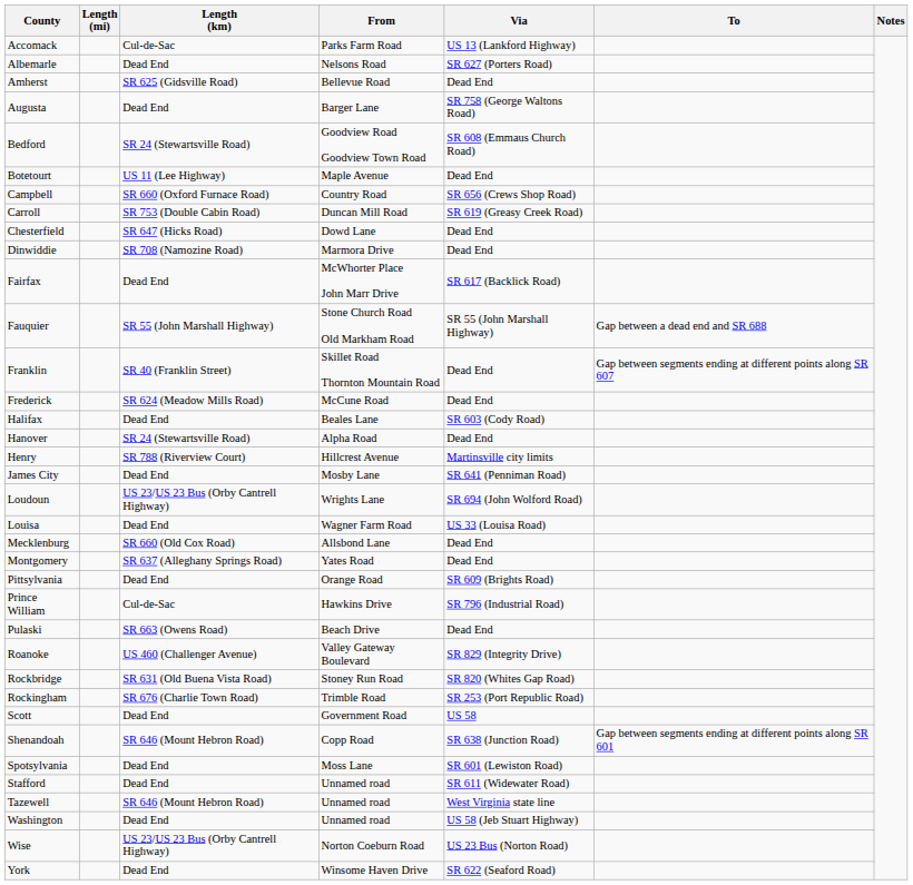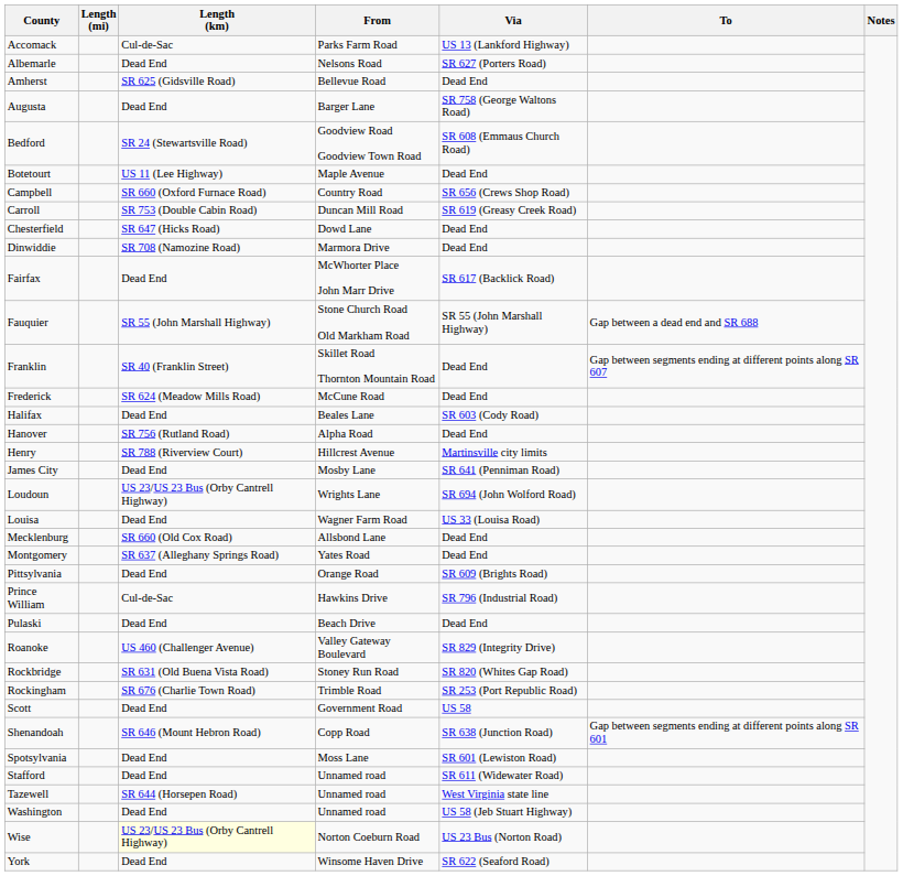 <table class="wikitable sortable">
 <tr>
 <th>County</th>
 <th>Length<br>(mi)</th>
 <th>Length<br>(km)</th>
 <th class="unsortable">From</th>
 <th class="unsortable">Via</th>
 <th class="unsortable">To</th>
 <th class="unsortable">Notes</th>
 </tr>
 <tr>
 <td id="Accomack">Accomack</td>
 <td></td>
 <td>Cul-de-Sac</td>
 <td>Parks Farm Road</td>
 <td><a href='#'>US 13</a> (Lankford Highway)</td>
 <td></td>
 </tr>
 <tr>
 <td id="Albemarle">Albemarle</td>
 <td></td>
 <td>Dead End</td>
 <td>Nelsons Road</td>
 <td><a href='#'>SR 627</a> (Porters Road)</td>
 <td><br> </td>
 </tr>
 <tr>
 <td id="Amherst">Amherst</td>
 <td></td>
 <td><a href='#'>SR 625</a> (Gidsville Road)</td>
 <td>Bellevue Road</td>
 <td>Dead End</td>
 <td><br> </td>
 </tr>
 <tr>
 <td id="Augusta">Augusta</td>
 <td></td>
 <td>Dead End</td>
 <td>Barger Lane</td>
 <td><a href='#'>SR 758</a> (George Waltons Road)</td>
 <td><br></td>
 </tr>
 <tr>
 <td id="Bedford">Bedford</td>
 <td></td>
 <td><a href='#'>SR 24</a> (Stewartsville Road)</td>
 <td>Goodview Road<br><br>Goodview Town Road</td>
 <td><a href='#'>SR 608</a> (Emmaus Church Road)</td>
 <td><br></td>
 </tr>
 <tr>
 <td id="Botetourt">Botetourt</td>
 <td></td>
 <td><a href='#'>US 11</a> (Lee Highway)</td>
 <td>Maple Avenue</td>
 <td>Dead End</td>
 <td><br>  </td>
 </tr>
 <tr>
 <td id="Campbell">Campbell</td>
 <td></td>
 <td><a href='#'>SR 660</a> (Oxford Furnace Road)</td>
 <td>Country Road</td>
 <td><a href='#'>SR 656</a> (Crews Shop Road)</td>
 <td><br></td>
 </tr>
 <tr>
 <td id="Carroll">Carroll</td>
 <td></td>
 <td><a href='#'>SR 753</a> (Double Cabin Road)</td>
 <td>Duncan Mill Road</td>
 <td><a href='#'>SR 619</a> (Greasy Creek Road)</td>
 <td><br> </td>
 </tr>
 <tr>
 <td id="Chesterfield">Chesterfield</td>
 <td></td>
 <td><a href='#'>SR 647</a> (Hicks Road)</td>
 <td>Dowd Lane</td>
 <td>Dead End</td>
 <td><br>    </td>
 </tr>
 <tr>
 <td id="Dinwiddie">Dinwiddie</td>
 <td></td>
 <td><a href='#'>SR 708</a> (Namozine Road)</td>
 <td>Marmora Drive</td>
 <td>Dead End</td>
 <td><br></td>
 </tr>
 <tr>
 <td id="Fairfax">Fairfax</td>
 <td></td>
 <td>Dead End</td>
 <td>McWhorter Place<br><br>John Marr Drive</td>
 <td><a href='#'>SR 617</a> (Backlick Road)</td>
 <td></td>
 </tr>
 <tr>
 <td id="Fauquier">Fauquier</td>
 <td></td>
 <td><a href='#'>SR 55</a> (John Marshall Highway)</td>
 <td>Stone Church Road<br><br>Old Markham Road</td>
 <td>SR 55 (John Marshall Highway)</td>
 <td>Gap between a dead end and <a href='#'>SR 688</a><br> </td>
 </tr>
 <tr>
 <td id="Franklin">Franklin</td>
 <td></td>
 <td><a href='#'>SR 40</a> (Franklin Street)</td>
 <td>Skillet Road<br><br>Thornton Mountain Road</td>
 <td>Dead End</td>
 <td>Gap between segments ending at different points along <a href='#'>SR 607</a></td>
 </tr>
 <tr>
 <td id="Frederick">Frederick</td>
 <td></td>
 <td><a href='#'>SR 624</a> (Meadow Mills Road)</td>
 <td>McCune Road</td>
 <td>Dead End</td>
 <td><br>     </td>
 </tr>
 <tr>
 <td id="Halifax">Halifax</td>
 <td></td>
 <td>Dead End</td>
 <td>Beales Lane</td>
 <td><a href='#'>SR 603</a> (Cody Road)</td>
 <td></td>
 </tr>
 <tr>
 <td id="Hanover">Hanover</td>
 <td></td>
-<td><a href='#'>SR 24</a> (Stewartsville Road)</td>
+<td><a href='#'>SR 756</a> (Rutland Road)</td>
 <td>Alpha Road</td>
 <td>Dead End</td>
 <td><br></td>
 </tr>
 <tr>
 <td id="Henry">Henry</td>
 <td></td>
 <td><a href='#'>SR 788</a> (Riverview Court)</td>
 <td>Hillcrest Avenue</td>
 <td><a href='#'>Martinsville</a> city limits</td>
 <td><br> </td>
 </tr>
 <tr>
 <td id="James City">James City</td>
 <td></td>
 <td>Dead End</td>
 <td>Mosby Lane</td>
 <td><a href='#'>SR 641</a> (Penniman Road)</td>
 <td><br>    </td>
 </tr>
 <tr>
 <td id="Loudoun">Loudoun</td>
 <td></td>
 <td><a href='#'>US 23</a>/<a href='#'>US 23 Bus</a> (Orby Cantrell Highway)</td>
 <td>Wrights Lane</td>
 <td><a href='#'>SR 694</a> (John Wolford Road)</td>
 <td></td>
 </tr>
 <tr>
 <td id="Louisa">Louisa</td>
 <td></td>
 <td>Dead End</td>
 <td>Wagner Farm Road</td>
 <td><a href='#'>US 33</a> (Louisa Road)</td>
 <td><br>  </td>
 </tr>
 <tr>
 <td id="Mecklenburg">Mecklenburg</td>
 <td></td>
 <td><a href='#'>SR 660</a> (Old Cox Road)</td>
 <td>Allsbond Lane</td>
 <td>Dead End</td>
 <td><br></td>
 </tr>
 <tr>
 <td id="Montgomery">Montgomery</td>
 <td></td>
 <td><a href='#'>SR 637</a> (Alleghany Springs Road)</td>
 <td>Yates Road</td>
 <td>Dead End</td>
 <td><br>       </td>
 </tr>
 <tr>
 <td id="Pittsylvania">Pittsylvania</td>
 <td></td>
 <td>Dead End</td>
 <td>Orange Road</td>
 <td><a href='#'>SR 609</a> (Brights Road)</td>
 <td><br>  </td>
 </tr>
 <tr>
 <td id="Prince William">Prince William</td>
 <td></td>
 <td>Cul-de-Sac</td>
 <td>Hawkins Drive</td>
 <td><a href='#'>SR 796</a> (Industrial Road)</td>
 <td></td>
 </tr>
 <tr>
 <td id="Pulaski">Pulaski</td>
 <td></td>
-<td><a href='#'>SR 663</a> (Owens Road)</td>
+<td>Dead End</td>
 <td>Beach Drive</td>
 <td>Dead End</td>
 <td><br> </td>
 </tr>
 <tr>
 <td id="Roanoke">Roanoke</td>
 <td></td>
 <td><a href='#'>US 460</a> (Challenger Avenue)</td>
 <td>Valley Gateway Boulevard</td>
 <td><a href='#'>SR 829</a> (Integrity Drive)</td>
 <td></td>
 </tr>
 <tr>
 <td id="Rockbridge">Rockbridge</td>
 <td></td>
 <td><a href='#'>SR 631</a> (Old Buena Vista Road)</td>
 <td>Stoney Run Road</td>
 <td><a href='#'>SR 820</a> (Whites Gap Road)</td>
 <td></td>
 </tr>
 <tr>
 <td id="Rockingham">Rockingham</td>
 <td></td>
 <td><a href='#'>SR 676</a> (Charlie Town Road)</td>
 <td>Trimble Road</td>
 <td><a href='#'>SR 253</a> (Port Republic Road)</td>
 <td><br></td>
 </tr>
 <tr>
 <td id="Scott">Scott</td>
 <td></td>
 <td>Dead End</td>
 <td>Government Road</td>
 <td><a href='#'>US 58</a></td>
 <td></td>
 </tr>
 <tr>
 <td id="Shenandoah">Shenandoah</td>
 <td></td>
 <td><a href='#'>SR 646</a> (Mount Hebron Road)</td>
 <td>Copp Road</td>
 <td><a href='#'>SR 638</a> (Junction Road)</td>
 <td>Gap between segments ending at different points along <a href='#'>SR 601</a><br> </td>
 </tr>
 <tr>
 <td id="Spotsylvania">Spotsylvania</td>
 <td></td>
 <td>Dead End</td>
 <td>Moss Lane</td>
 <td><a href='#'>SR 601</a> (Lewiston Road)</td>
 <td></td>
 </tr>
 <tr>
 <td id="Stafford">Stafford</td>
 <td></td>
 <td>Dead End</td>
 <td>Unnamed road</td>
 <td><a href='#'>SR 611</a> (Widewater Road)</td>
 <td><br> </td>
 </tr>
 <tr>
 <td id="Tazewell">Tazewell</td>
 <td></td>
-<td><a href='#'>SR 646</a> (Mount Hebron Road)</td>
+<td><a href='#'>SR 644</a> (Horsepen Road)</td>
 <td>Unnamed road</td>
 <td><a href='#'>West Virginia</a> state line</td>
 <td><br></td>
 </tr>
 <tr>
 <td id="Washington">Washington</td>
 <td></td>
 <td>Dead End</td>
 <td>Unnamed road</td>
 <td><a href='#'>US 58</a> (Jeb Stuart Highway)</td>
 <td><br></td>
 </tr>
 <tr>
 <td id="Wise">Wise</td>
 <td></td>
-<td><a href='#'>US 23</a>/<a href='#'>US 23 Bus</a> (Orby Cantrell Highway)</td>
+<td style="background: lightyellow;"><a href='#'>US 23</a>/<a href='#'>US 23 Bus</a> (Orby Cantrell Highway)</td>
 <td>Norton Coeburn Road</td>
 <td><a href='#'>US 23 Bus</a> (Norton Road)</td>
 <td><br></td>
 </tr>
 <tr>
 <td id="York">York</td>
 <td></td>
 <td>Dead End</td>
 <td>Winsome Haven Drive</td>
 <td><a href='#'>SR 622</a> (Seaford Road)</td>
 <td></td>
 </tr>
 </table>
